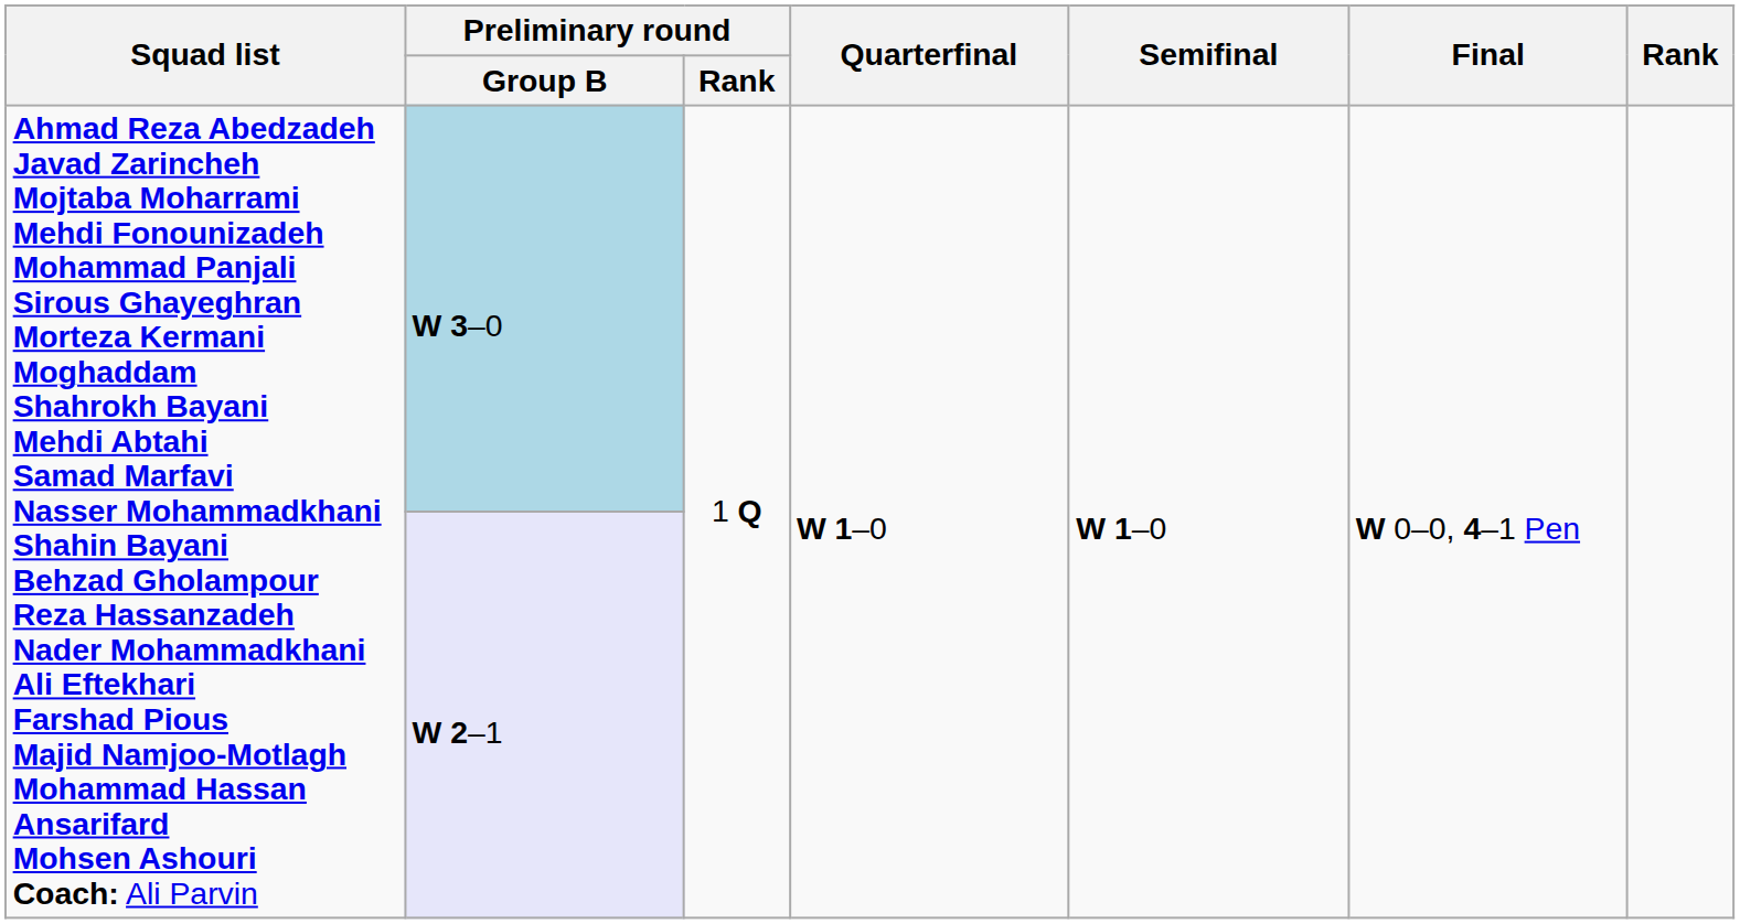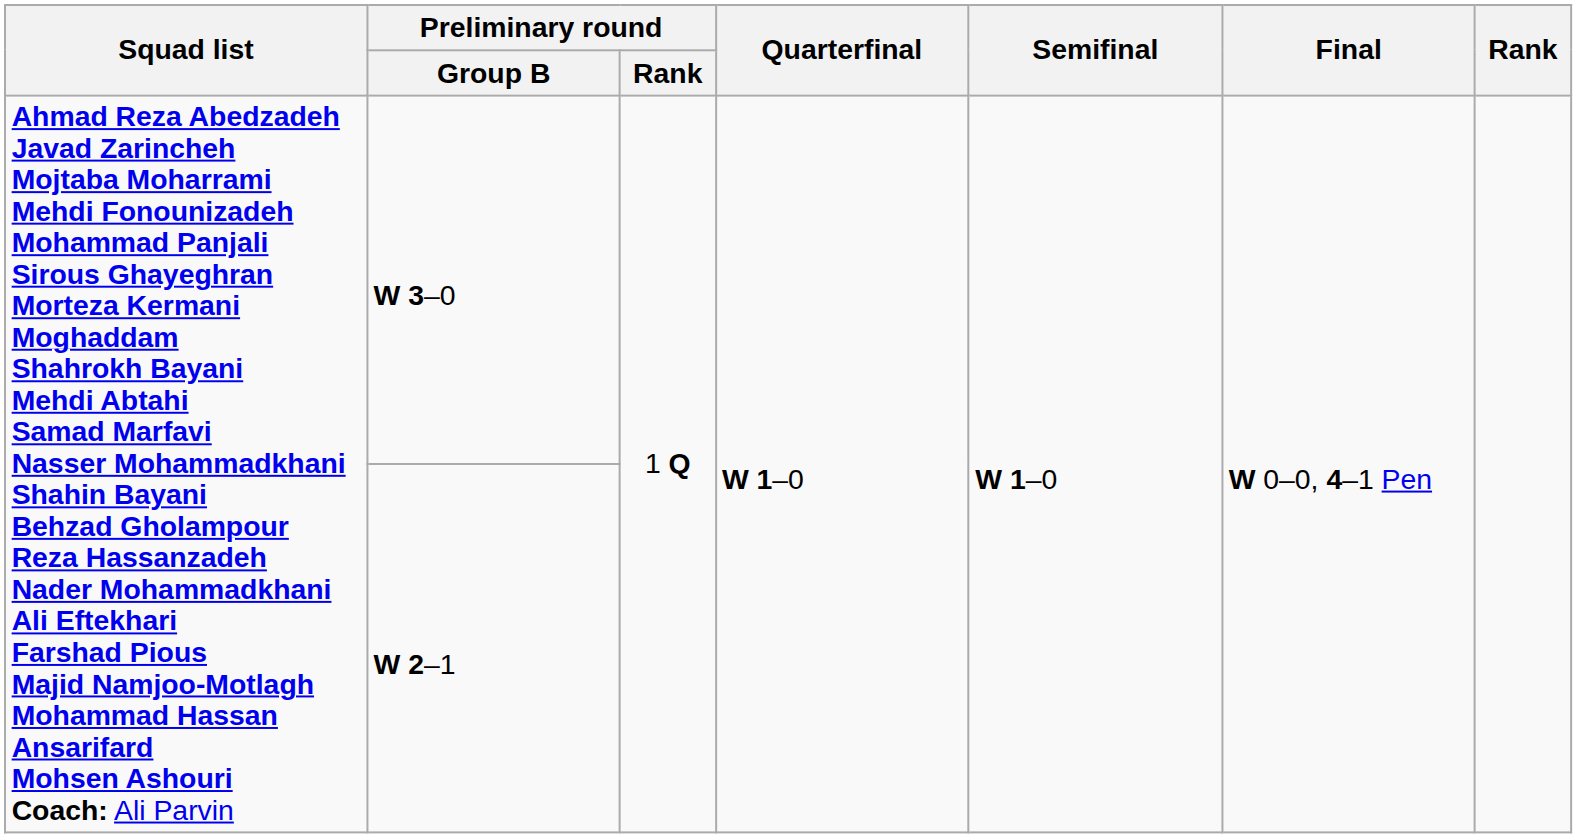 <table class="wikitable" width="90%" style="text-align:left; font-size:90%">
 <tr>
 <th rowspan="2" width="20%">Squad list</th>
 <th colspan="2">Preliminary round</th>
 <th rowspan="2" width="14%">Quarterfinal</th>
 <th rowspan="2" width="14%">Semifinal</th>
 <th rowspan="2" width="14%">Final</th>
 <th rowspan="2" width="5%">Rank</th>
 </tr>
 <tr>
 <th width="14%">Group B</th>
 <th width="5%">Rank</th>
 </tr>
 <tr>
 <td rowspan="2"><strong><a href='#'>Ahmad Reza Abedzadeh</a><br><a href='#'>Javad Zarincheh</a><br><a href='#'>Mojtaba Moharrami</a><br><a href='#'>Mehdi Fonounizadeh</a><br><a href='#'>Mohammad Panjali</a><br><a href='#'>Sirous Ghayeghran</a><br><a href='#'>Morteza Kermani Moghaddam</a><br><a href='#'>Shahrokh Bayani</a><br><a href='#'>Mehdi Abtahi</a><br><a href='#'>Samad Marfavi</a><br><a href='#'>Nasser Mohammadkhani</a><br><a href='#'>Shahin Bayani</a><br><a href='#'>Behzad Gholampour</a><br><a href='#'>Reza Hassanzadeh</a><br><a href='#'>Nader Mohammadkhani</a><br><a href='#'>Ali Eftekhari</a><br><a href='#'>Farshad Pious</a><br><a href='#'>Majid Namjoo-Motlagh</a><br><a href='#'>Mohammad Hassan Ansarifard</a><br><a href='#'>Mohsen Ashouri</a><br> Coach:</strong> <a href='#'>Ali Parvin</a></td>
-<td style="background: lightblue;"><br><strong>W</strong> <strong>3</strong>–0</td>
+<td><br><strong>W</strong> <strong>3</strong>–0</td>
 <td rowspan="2" align=center>1 <strong>Q</strong></td>
 <td rowspan="2"><br><strong>W</strong> <strong>1</strong>–0</td>
 <td rowspan="2"><br><strong>W</strong> <strong>1</strong>–0</td>
 <td rowspan="2"><br><strong>W</strong> 0–0, <strong>4</strong>–1 <a href='#'>Pen</a></td>
 <td rowspan="2" align=center></td>
 </tr>
 <tr>
-<td style="background: lavender;"><br><strong>W</strong> <strong>2</strong>–1</td>
+<td><br><strong>W</strong> <strong>2</strong>–1</td>
 </tr>
 </table>
